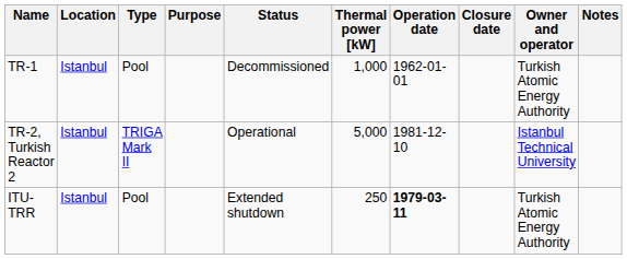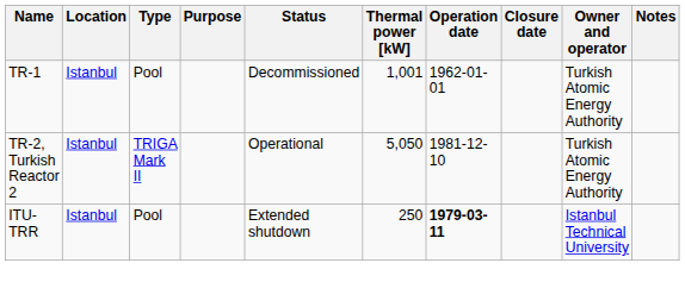 <table class="wikitable" >
 <tr valign="top">
 <th width="80">Name</th>
 <th width="65">Location</th>
 <th width="76">Type</th>
 <th width="65">Purpose</th>
 <th width="91">Status</th>
 <th width="70“">Thermal power [kW]</th>
 <th width=„67“>Operation date</th>
 <th width="78“">Closure date</th>
 <th width="113“">Owner and operator</th>
 <th width="65">Notes</th>
 </tr>
 <tr valign="top">
 <td>TR-1</td>
 <td><a href='#'>Istanbul</a></td>
 <td>Pool</td>
 <td></td>
 <td>Decommissioned</td>
-<td align="right">1,000</td>
+<td align="right">1,001</td>
 <td>1962-01-01</td>
 <td></td>
 <td>Turkish Atomic Energy Authority</td>
 <td></td>
 </tr>
 <tr valign="top">
 <td>TR-2, Turkish Reactor 2</td>
 <td><a href='#'>Istanbul</a></td>
 <td><a href='#'>TRIGA Mark II</a></td>
 <td></td>
 <td>Operational</td>
-<td align="right">5,000</td>
+<td align="right">5,050</td>
 <td>1981-12-10</td>
 <td></td>
-<td><a href='#'>Istanbul Technical University</a></td>
+<td>Turkish Atomic Energy Authority</td>
 <td></td>
 </tr>
 <tr valign="top">
 <td>ITU-TRR</td>
 <td><a href='#'>Istanbul</a></td>
 <td>Pool</td>
 <td></td>
 <td>Extended shutdown</td>
 <td align="right">250</td>
 <td><strong>1979-03-11</strong></td>
 <td></td>
-<td>Turkish Atomic Energy Authority</td>
+<td><a href='#'>Istanbul Technical University</a></td>
 <td></td>
 </tr>
 </table>
